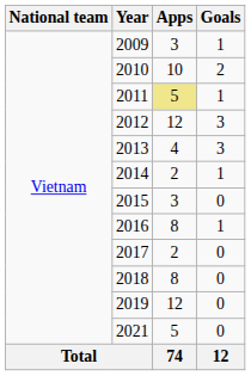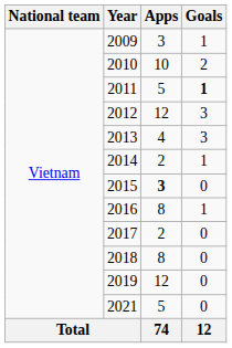 <table class="wikitable" style="text-align:center">
 <tr>
 <th>National team</th>
 <th>Year</th>
 <th>Apps</th>
 <th>Goals</th>
 </tr>
 <tr>
 <td rowspan=12><a href='#'>Vietnam</a></td>
 <td>2009</td>
 <td>3</td>
 <td>1</td>
 </tr>
 <tr>
 <td>2010</td>
 <td>10</td>
 <td>2</td>
 </tr>
 <tr>
 <td>2011</td>
-<td style="background: khaki;">5</td>
-<td>1</td>
+<td>5</td>
+<td><strong>1</strong></td>
 </tr>
 <tr>
 <td>2012</td>
 <td>12</td>
 <td>3</td>
 </tr>
 <tr>
 <td>2013</td>
 <td>4</td>
 <td>3</td>
 </tr>
 <tr>
 <td>2014</td>
 <td>2</td>
 <td>1</td>
 </tr>
 <tr>
 <td>2015</td>
-<td>3</td>
+<td><strong>3</strong></td>
 <td>0</td>
 </tr>
 <tr>
 <td>2016</td>
 <td>8</td>
 <td>1</td>
 </tr>
 <tr>
 <td>2017</td>
 <td>2</td>
 <td>0</td>
 </tr>
 <tr>
 <td>2018</td>
 <td>8</td>
 <td>0</td>
 </tr>
 <tr>
 <td>2019</td>
 <td>12</td>
 <td>0</td>
 </tr>
 <tr>
 <td>2021</td>
 <td>5</td>
 <td>0</td>
 </tr>
 <tr>
 <th colspan=2>Total</th>
 <th>74</th>
 <th>12</th>
 </tr>
 </table>
